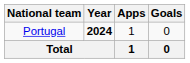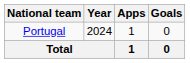 <table class="wikitable" style="text-align:center">
 <tr>
 <th>National team</th>
 <th>Year</th>
 <th>Apps</th>
 <th>Goals</th>
 </tr>
 <tr>
 <td><a href='#'>Portugal</a></td>
-<td><strong>2024</strong></td>
+<td>2024</td>
 <td>1</td>
 <td>0</td>
 </tr>
 <tr>
 <th colspan="2">Total</th>
 <th>1</th>
 <th>0</th>
 </tr>
 </table>
